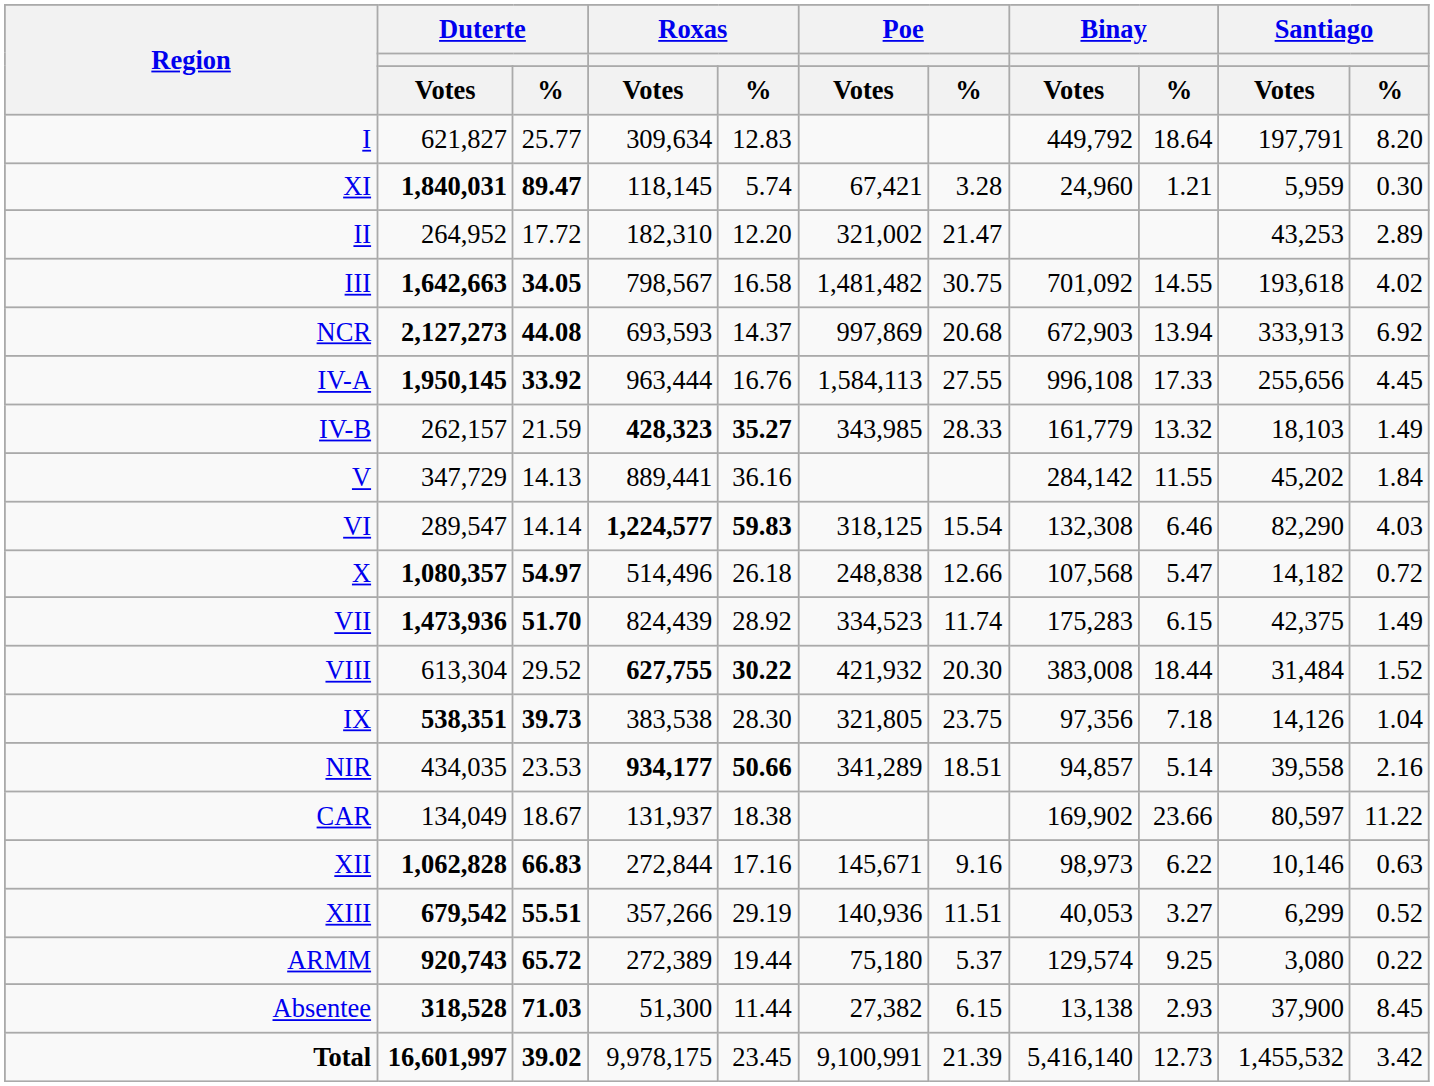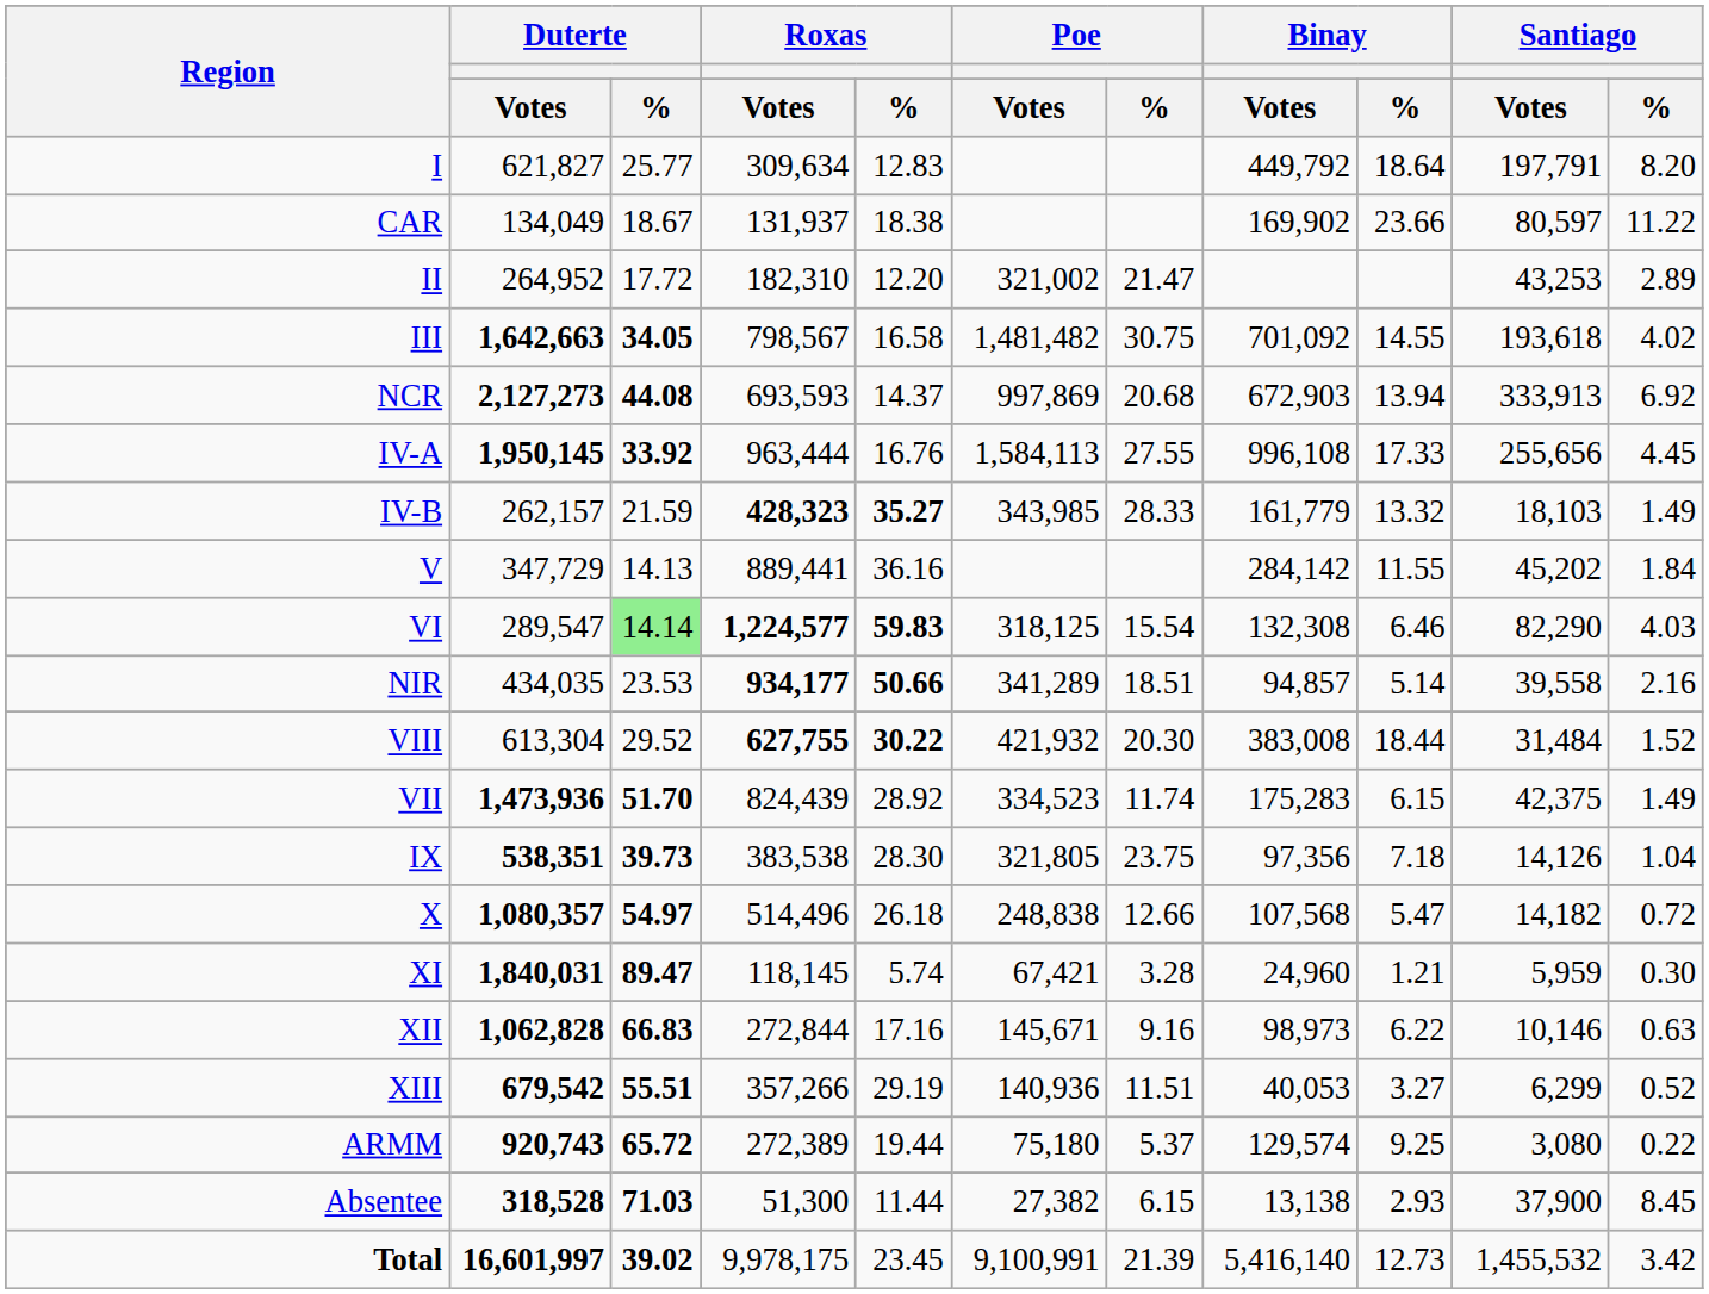 <table class="wikitable collapsible collapsed" style="text-align:right; font-size:92%; line-height:20px;">
 <tr>
 <th width="200" rowspan="3"><a href='#'>Region</a></th>
 <th width="110" colspan="2"><a href='#'>Duterte</a></th>
 <th width="110" colspan="2"><a href='#'>Roxas</a></th>
 <th width="110" colspan="2"><a href='#'>Poe</a></th>
 <th width="110" colspan="2"><a href='#'>Binay</a></th>
 <th width="110" colspan="2"><a href='#'>Santiago</a></th>
 </tr>
 <tr>
 <th colspan="2" style="background:"></th>
 <th colspan="2" style="background:"></th>
 <th colspan="2" style="background:"></th>
 <th colspan="2" style="background:"></th>
 <th colspan="2" style="background:"></th>
 </tr>
 <tr>
 <th>Votes</th>
 <th>%</th>
 <th>Votes</th>
 <th>%</th>
 <th>Votes</th>
 <th>%</th>
 <th>Votes</th>
 <th>%</th>
 <th>Votes</th>
 <th>%</th>
 </tr>
 <tr>
 <td><a href='#'>I</a></td>
 <td>621,827</td>
 <td>25.77</td>
 <td>309,634</td>
 <td>12.83</td>
 <td> <strong></strong></td>
 <td> <strong></strong></td>
 <td>449,792</td>
 <td>18.64</td>
 <td>197,791</td>
 <td>8.20</td>
 </tr>
 <tr>
-<td><a href='#'>XI</a></td>
-<td> <strong>1,840,031</strong></td>
-<td> <strong>89.47</strong></td>
-<td>118,145</td>
-<td>5.74</td>
-<td>67,421</td>
-<td>3.28</td>
-<td>24,960</td>
-<td>1.21</td>
-<td>5,959</td>
-<td>0.30</td>
+<td><a href='#'>CAR</a></td>
+<td>134,049</td>
+<td>18.67</td>
+<td>131,937</td>
+<td>18.38</td>
+<td> <strong></strong></td>
+<td> <strong></strong></td>
+<td>169,902</td>
+<td>23.66</td>
+<td>80,597</td>
+<td>11.22</td>
 </tr>
 <tr>
 <td><a href='#'>II</a></td>
 <td>264,952</td>
 <td>17.72</td>
 <td>182,310</td>
 <td>12.20</td>
 <td>321,002</td>
 <td>21.47</td>
 <td> <strong></strong></td>
 <td> <strong></strong></td>
 <td>43,253</td>
 <td>2.89</td>
 </tr>
 <tr>
 <td><a href='#'>III</a></td>
 <td> <strong>1,642,663</strong></td>
 <td> <strong>34.05</strong></td>
 <td>798,567</td>
 <td>16.58</td>
 <td>1,481,482</td>
 <td>30.75</td>
 <td>701,092</td>
 <td>14.55</td>
 <td>193,618</td>
 <td>4.02</td>
 </tr>
 <tr>
 <td><a href='#'>NCR</a></td>
 <td> <strong>2,127,273</strong></td>
 <td> <strong>44.08</strong></td>
 <td>693,593</td>
 <td>14.37</td>
 <td>997,869</td>
 <td>20.68</td>
 <td>672,903</td>
 <td>13.94</td>
 <td>333,913</td>
 <td>6.92</td>
 </tr>
 <tr>
 <td><a href='#'>IV-A</a></td>
 <td> <strong>1,950,145</strong></td>
 <td> <strong>33.92</strong></td>
 <td>963,444</td>
 <td>16.76</td>
 <td>1,584,113</td>
 <td>27.55</td>
 <td>996,108</td>
 <td>17.33</td>
 <td>255,656</td>
 <td>4.45</td>
 </tr>
 <tr>
 <td><a href='#'>IV-B</a></td>
 <td>262,157</td>
 <td>21.59</td>
 <td> <strong>428,323</strong></td>
 <td> <strong>35.27</strong></td>
 <td>343,985</td>
 <td>28.33</td>
 <td>161,779</td>
 <td>13.32</td>
 <td>18,103</td>
 <td>1.49</td>
 </tr>
 <tr>
 <td><a href='#'>V</a></td>
 <td>347,729</td>
 <td>14.13</td>
 <td>889,441</td>
 <td>36.16</td>
 <td> <strong></strong></td>
 <td> <strong></strong></td>
 <td>284,142</td>
 <td>11.55</td>
 <td>45,202</td>
 <td>1.84</td>
 </tr>
 <tr>
 <td><a href='#'>VI</a></td>
 <td>289,547</td>
-<td>14.14</td>
+<td style="background: lightgreen;">14.14</td>
 <td> <strong>1,224,577</strong></td>
 <td><strong> 59.83</strong></td>
 <td>318,125</td>
 <td>15.54</td>
 <td>132,308</td>
 <td>6.46</td>
 <td>82,290</td>
 <td>4.03</td>
+</tr>
+<tr>
+<td><a href='#'>NIR</a></td>
+<td>434,035</td>
+<td>23.53</td>
+<td> <strong>934,177</strong></td>
+<td> <strong>50.66</strong></td>
+<td>341,289</td>
+<td>18.51</td>
+<td>94,857</td>
+<td>5.14</td>
+<td>39,558</td>
+<td>2.16</td>
+</tr>
+<tr>
+<td><a href='#'>VIII</a></td>
+<td>613,304</td>
+<td>29.52</td>
+<td> <strong>627,755</strong></td>
+<td> <strong>30.22</strong></td>
+<td>421,932</td>
+<td>20.30</td>
+<td>383,008</td>
+<td>18.44</td>
+<td>31,484</td>
+<td>1.52</td>
+</tr>
+<tr>
+<td><a href='#'>VII</a></td>
+<td> <strong>1,473,936</strong></td>
+<td> <strong>51.70</strong></td>
+<td>824,439</td>
+<td>28.92</td>
+<td>334,523</td>
+<td>11.74</td>
+<td>175,283</td>
+<td>6.15</td>
+<td>42,375</td>
+<td>1.49</td>
+</tr>
+<tr>
+<td><a href='#'>IX</a></td>
+<td> <strong>538,351</strong></td>
+<td> <strong>39.73</strong></td>
+<td>383,538</td>
+<td>28.30</td>
+<td>321,805</td>
+<td>23.75</td>
+<td>97,356</td>
+<td>7.18</td>
+<td>14,126</td>
+<td>1.04</td>
 </tr>
 <tr>
 <td><a href='#'>X</a></td>
 <td> <strong>1,080,357</strong></td>
 <td> <strong>54.97</strong></td>
 <td>514,496</td>
 <td>26.18</td>
 <td>248,838</td>
 <td>12.66</td>
 <td>107,568</td>
 <td>5.47</td>
 <td>14,182</td>
 <td>0.72</td>
 </tr>
 <tr>
-<td><a href='#'>VII</a></td>
-<td> <strong>1,473,936</strong></td>
-<td> <strong>51.70</strong></td>
-<td>824,439</td>
-<td>28.92</td>
-<td>334,523</td>
-<td>11.74</td>
-<td>175,283</td>
-<td>6.15</td>
-<td>42,375</td>
-<td>1.49</td>
-</tr>
-<tr>
-<td><a href='#'>VIII</a></td>
-<td>613,304</td>
-<td>29.52</td>
-<td> <strong>627,755</strong></td>
-<td> <strong>30.22</strong></td>
-<td>421,932</td>
-<td>20.30</td>
-<td>383,008</td>
-<td>18.44</td>
-<td>31,484</td>
-<td>1.52</td>
-</tr>
-<tr>
-<td><a href='#'>IX</a></td>
-<td> <strong>538,351</strong></td>
-<td> <strong>39.73</strong></td>
-<td>383,538</td>
-<td>28.30</td>
-<td>321,805</td>
-<td>23.75</td>
-<td>97,356</td>
-<td>7.18</td>
-<td>14,126</td>
-<td>1.04</td>
-</tr>
-<tr>
-<td><a href='#'>NIR</a></td>
-<td>434,035</td>
-<td>23.53</td>
-<td> <strong>934,177</strong></td>
-<td> <strong>50.66</strong></td>
-<td>341,289</td>
-<td>18.51</td>
-<td>94,857</td>
-<td>5.14</td>
-<td>39,558</td>
-<td>2.16</td>
-</tr>
-<tr>
-<td><a href='#'>CAR</a></td>
-<td>134,049</td>
-<td>18.67</td>
-<td>131,937</td>
-<td>18.38</td>
-<td> <strong></strong></td>
-<td> <strong></strong></td>
-<td>169,902</td>
-<td>23.66</td>
-<td>80,597</td>
-<td>11.22</td>
+<td><a href='#'>XI</a></td>
+<td> <strong>1,840,031</strong></td>
+<td> <strong>89.47</strong></td>
+<td>118,145</td>
+<td>5.74</td>
+<td>67,421</td>
+<td>3.28</td>
+<td>24,960</td>
+<td>1.21</td>
+<td>5,959</td>
+<td>0.30</td>
 </tr>
 <tr>
 <td><a href='#'>XII</a></td>
 <td> <strong>1,062,828</strong></td>
 <td> <strong>66.83</strong></td>
 <td>272,844</td>
 <td>17.16</td>
 <td>145,671</td>
 <td>9.16</td>
 <td>98,973</td>
 <td>6.22</td>
 <td>10,146</td>
 <td>0.63</td>
 </tr>
 <tr>
 <td><a href='#'>XIII</a></td>
 <td> <strong>679,542</strong></td>
 <td> <strong>55.51</strong></td>
 <td>357,266</td>
 <td>29.19</td>
 <td>140,936</td>
 <td>11.51</td>
 <td>40,053</td>
 <td>3.27</td>
 <td>6,299</td>
 <td>0.52</td>
 </tr>
 <tr>
 <td><a href='#'>ARMM</a></td>
 <td> <strong>920,743</strong></td>
 <td> <strong>65.72</strong></td>
 <td>272,389</td>
 <td>19.44</td>
 <td>75,180</td>
 <td>5.37</td>
 <td>129,574</td>
 <td>9.25</td>
 <td>3,080</td>
 <td>0.22</td>
 </tr>
 <tr>
 <td><a href='#'>Absentee</a></td>
 <td><strong>318,528</strong></td>
 <td><strong>71.03</strong></td>
 <td>51,300</td>
 <td>11.44</td>
 <td>27,382</td>
 <td>6.15</td>
 <td>13,138</td>
 <td>2.93</td>
 <td>37,900</td>
 <td>8.45</td>
 </tr>
 <tr>
 <td><strong>Total</strong></td>
 <td><strong>16,601,997</strong></td>
 <td><strong>39.02</strong></td>
 <td>9,978,175</td>
 <td>23.45</td>
 <td>9,100,991</td>
 <td>21.39</td>
 <td>5,416,140</td>
 <td>12.73</td>
 <td>1,455,532</td>
 <td>3.42</td>
 </tr>
 </table>
